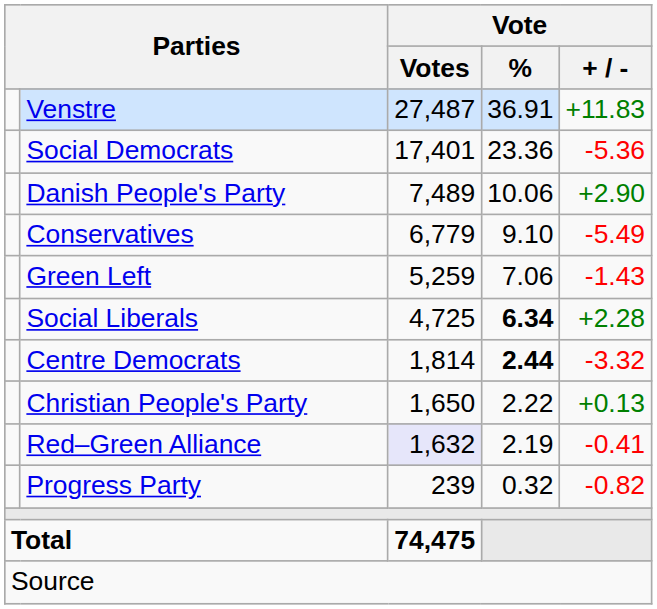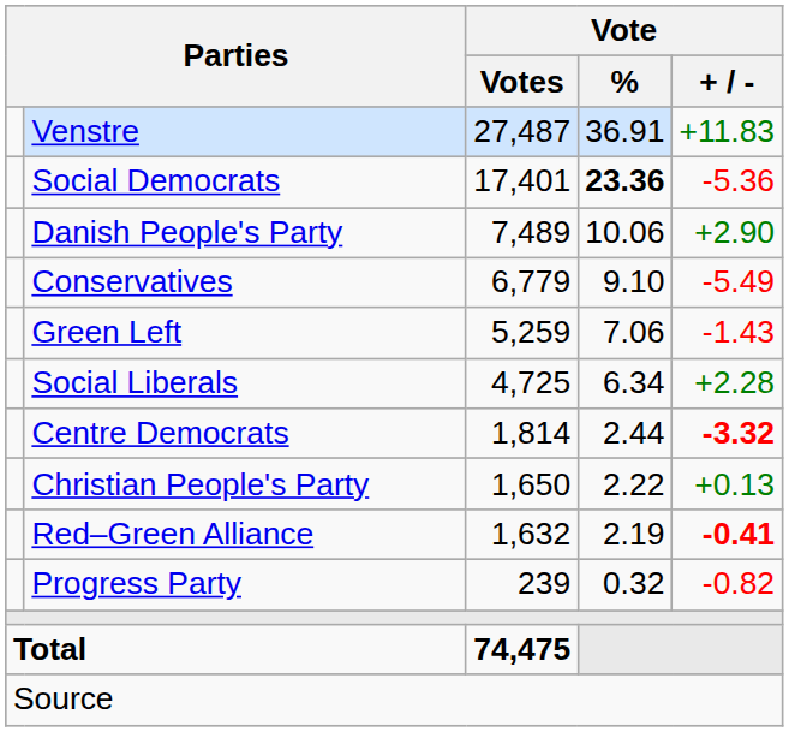 <table class="wikitable" style="text-align:right;">
 <tr>
 <th style="text-align:centre;" rowspan="2" colspan="2" width="225">Parties</th>
 <th colspan="3">Vote</th>
 </tr>
 <tr>
 <th width="15">Votes</th>
 <th width="15">%</th>
 <th width="15">+ / -</th>
 </tr>
 <tr>
 <td width="2" style="color:inherit;background:"></td>
 <td bgcolor=#cfe5fe  align="left"><a href='#'>Venstre</a></td>
 <td bgcolor=#cfe5fe>27,487</td>
 <td bgcolor=#cfe5fe>36.91</td>
 <td style=color:green;>+11.83</td>
 </tr>
 <tr>
 <td width="2" style="color:inherit;background:"></td>
 <td align="left"><a href='#'>Social Democrats</a></td>
 <td>17,401</td>
-<td>23.36</td>
+<td><strong>23.36</strong></td>
 <td style=color:red;>-5.36</td>
 </tr>
 <tr>
 <td width="2" style="color:inherit;background:"></td>
 <td align="left"><a href='#'>Danish People's Party</a></td>
 <td>7,489</td>
 <td>10.06</td>
 <td style=color:green;>+2.90</td>
 </tr>
 <tr>
 <td width="2" style="color:inherit;background:"></td>
 <td align="left"><a href='#'>Conservatives</a></td>
 <td>6,779</td>
 <td>9.10</td>
 <td style=color:red;>-5.49</td>
 </tr>
 <tr>
 <td width="2" style="color:inherit;background:"></td>
 <td align="left"><a href='#'>Green Left</a></td>
 <td>5,259</td>
 <td>7.06</td>
 <td style=color:red;>-1.43</td>
 </tr>
 <tr>
 <td width="2" style="color:inherit;background:"></td>
 <td align="left"><a href='#'>Social Liberals</a></td>
 <td>4,725</td>
-<td><strong>6.34</strong></td>
+<td>6.34</td>
 <td style=color:green;>+2.28</td>
 </tr>
 <tr>
 <td width="2" style="color:inherit;background:"></td>
 <td align="left"><a href='#'>Centre Democrats</a></td>
 <td>1,814</td>
-<td><strong>2.44</strong></td>
-<td style=color:red;>-3.32</td>
+<td>2.44</td>
+<td style=color:red;><strong>-3.32</strong></td>
 </tr>
 <tr>
 <td width="2" style="color:inherit;background:"></td>
 <td align="left"><a href='#'>Christian People's Party</a></td>
 <td>1,650</td>
 <td>2.22</td>
 <td style=color:green;>+0.13</td>
 </tr>
 <tr>
 <td width="2" style="color:inherit;background:"></td>
 <td align="left"><a href='#'>Red–Green Alliance</a></td>
-<td style="background: lavender;">1,632</td>
+<td>1,632</td>
 <td>2.19</td>
-<td style=color:red;>-0.41</td>
+<td style=color:red;><strong>-0.41</strong></td>
 </tr>
 <tr>
 <td width="2" style="color:inherit;background:"></td>
 <td align="left"><a href='#'>Progress Party</a></td>
 <td>239</td>
 <td>0.32</td>
 <td style=color:red;>-0.82</td>
 </tr>
 <tr>
 <td colspan="7" bgcolor="#E9E9E9"></td>
 </tr>
 <tr>
 <td align="left" colspan="2"><strong>Total</strong></td>
 <td><strong>74,475</strong></td>
 <td bgcolor="#E9E9E9" colspan="2"></td>
 </tr>
 <tr>
 <td align="left" colspan="6">Source</td>
 </tr>
 </table>
